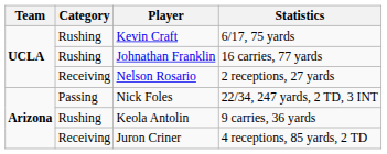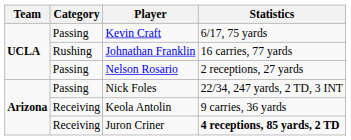 <table class="wikitable" style="float: right;">
 <tr>
 <th>Team</th>
 <th>Category</th>
 <th>Player</th>
 <th>Statistics</th>
 </tr>
 <tr>
 <td rowspan=3><strong>UCLA</strong></td>
-<td>Rushing</td>
+<td>Passing</td>
 <td><a href='#'>Kevin Craft</a></td>
 <td>6/17, 75 yards</td>
 </tr>
 <tr>
 <td>Rushing</td>
 <td><a href='#'>Johnathan Franklin</a></td>
 <td>16 carries, 77 yards</td>
 </tr>
 <tr>
-<td>Receiving</td>
+<td>Passing</td>
 <td><a href='#'>Nelson Rosario</a></td>
 <td>2 receptions, 27 yards</td>
 </tr>
 <tr>
 <td rowspan=3><strong>Arizona</strong></td>
 <td>Passing</td>
 <td>Nick Foles</td>
 <td>22/34, 247 yards, 2 TD, 3 INT</td>
 </tr>
 <tr>
-<td>Rushing</td>
+<td>Receiving</td>
 <td>Keola Antolin</td>
 <td>9 carries, 36 yards</td>
 </tr>
 <tr>
 <td>Receiving</td>
 <td>Juron Criner</td>
-<td>4 receptions, 85 yards, 2 TD</td>
+<td><strong>4 receptions, 85 yards, 2 TD</strong></td>
 </tr>
 </table>
